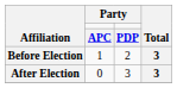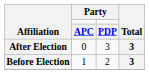 <table class=wikitable style="text-align:center">
 <tr style="vertical-align:bottom;">
 <th rowspan=3>Affiliation</th>
 <th colspan=2>Party</th>
 <th rowspan=3>Total</th>
 </tr>
 <tr>
 <td style="background-color:"></td>
 <td style="background-color:"></td>
 </tr>
 <tr>
 <th><a href='#'>APC</a></th>
 <th><a href='#'>PDP</a></th>
 </tr>
 <tr>
+<th>After Election</th>
+<td>0</td>
+<td>3</td>
+<th>3</th>
+</tr>
+<tr>
 <th>Before Election</th>
 <td>1</td>
 <td>2</td>
 <th>3</th>
 </tr>
 <tr>
-<th>After Election</th>
-<td>0</td>
-<td>3</td>
-<th>3</th>
-</tr>
-<tr>
 </tr>
 </table>
